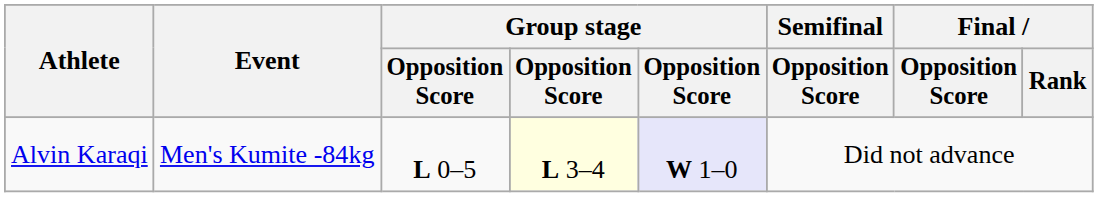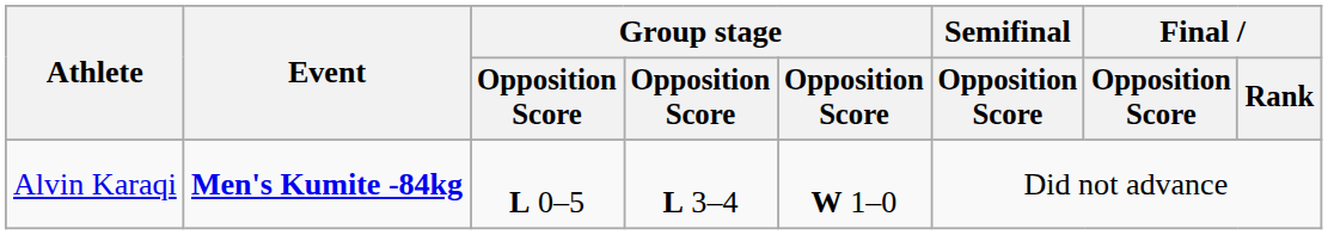 <table class="wikitable" style="text-align:center; font-size:90%">
 <tr>
 <th rowspan=2>Athlete</th>
 <th rowspan=2>Event</th>
 <th colspan=3>Group stage</th>
 <th>Semifinal</th>
 <th colspan=2>Final / </th>
 </tr>
 <tr style="font-size:95%">
 <th>Opposition<br>Score</th>
 <th>Opposition<br>Score</th>
 <th>Opposition<br>Score</th>
 <th>Opposition<br>Score</th>
 <th>Opposition<br>Score</th>
 <th>Rank</th>
 </tr>
 <tr>
 <td align=left><a href='#'>Alvin Karaqi</a></td>
-<td align=left><a href='#'>Men's Kumite -84kg</a></td>
+<td align=left><strong><a href='#'>Men's Kumite -84kg</a></strong></td>
 <td><br><strong>L</strong> 0–5</td>
-<td style="background: lightyellow;"><br><strong>L</strong> 3–4</td>
-<td style="background: lavender;"><br><strong>W</strong> 1–0</td>
+<td><br><strong>L</strong> 3–4</td>
+<td><br><strong>W</strong> 1–0</td>
 <td colspan=6>Did not advance</td>
 </tr>
 </table>
